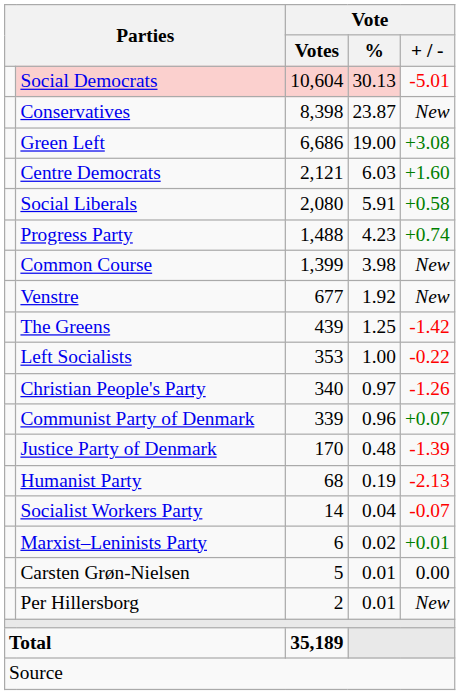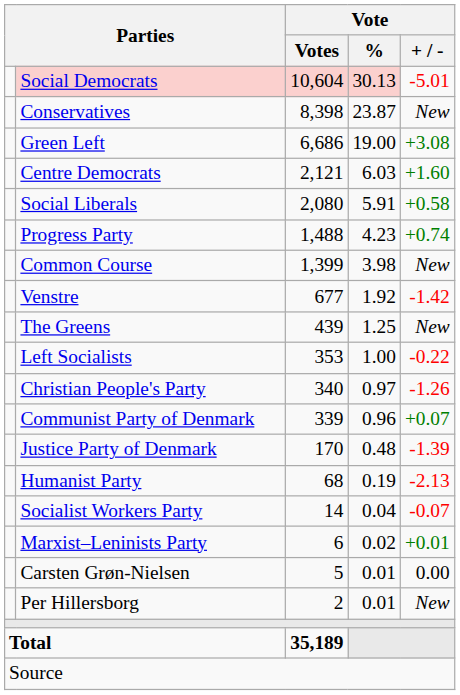 <table class="wikitable" style="text-align:right;">
 <tr>
 <th style="text-align:centre;" rowspan="2" colspan="2" width="225">Parties</th>
 <th colspan="3">Vote</th>
 </tr>
 <tr>
 <th width="15">Votes</th>
 <th width="15">%</th>
 <th width="15">+ / -</th>
 </tr>
 <tr>
 <td width="2" style="color:inherit;background:"></td>
 <td bgcolor=#fbd0ce  align="left"><a href='#'>Social Democrats</a></td>
 <td bgcolor=#fbd0ce>10,604</td>
 <td bgcolor=#fbd0ce>30.13</td>
 <td style=color:red;>-5.01</td>
 </tr>
 <tr>
 <td width="2" style="color:inherit;background:"></td>
 <td align="left"><a href='#'>Conservatives</a></td>
 <td>8,398</td>
 <td>23.87</td>
 <td><em>New</em></td>
 </tr>
 <tr>
 <td width="2" style="color:inherit;background:"></td>
 <td align="left"><a href='#'>Green Left</a></td>
 <td>6,686</td>
 <td>19.00</td>
 <td style=color:green;>+3.08</td>
 </tr>
 <tr>
 <td width="2" style="color:inherit;background:"></td>
 <td align="left"><a href='#'>Centre Democrats</a></td>
 <td>2,121</td>
 <td>6.03</td>
 <td style=color:green;>+1.60</td>
 </tr>
 <tr>
 <td width="2" style="color:inherit;background:"></td>
 <td align="left"><a href='#'>Social Liberals</a></td>
 <td>2,080</td>
 <td>5.91</td>
 <td style=color:green;>+0.58</td>
 </tr>
 <tr>
 <td width="2" style="color:inherit;background:"></td>
 <td align="left"><a href='#'>Progress Party</a></td>
 <td>1,488</td>
 <td>4.23</td>
 <td style=color:green;>+0.74</td>
 </tr>
 <tr>
 <td width="2" style="color:inherit;background:"></td>
 <td align="left"><a href='#'>Common Course</a></td>
 <td>1,399</td>
 <td>3.98</td>
 <td><em>New</em></td>
 </tr>
 <tr>
 <td width="2" style="color:inherit;background:"></td>
 <td align="left"><a href='#'>Venstre</a></td>
 <td>677</td>
 <td>1.92</td>
-<td><em>New</em></td>
+<td style=color:red;>-1.42</td>
 </tr>
 <tr>
 <td width="2" style="color:inherit;background:"></td>
 <td align="left"><a href='#'>The Greens</a></td>
 <td>439</td>
 <td>1.25</td>
-<td style=color:red;>-1.42</td>
+<td><em>New</em></td>
 </tr>
 <tr>
 <td width="2" style="color:inherit;background:"></td>
 <td align="left"><a href='#'>Left Socialists</a></td>
 <td>353</td>
 <td>1.00</td>
 <td style=color:red;>-0.22</td>
 </tr>
 <tr>
 <td width="2" style="color:inherit;background:"></td>
 <td align="left"><a href='#'>Christian People's Party</a></td>
 <td>340</td>
 <td>0.97</td>
 <td style=color:red;>-1.26</td>
 </tr>
 <tr>
 <td width="2" style="color:inherit;background:"></td>
 <td align="left"><a href='#'>Communist Party of Denmark</a></td>
 <td>339</td>
 <td>0.96</td>
 <td style=color:green;>+0.07</td>
 </tr>
 <tr>
 <td width="2" style="color:inherit;background:"></td>
 <td align="left"><a href='#'>Justice Party of Denmark</a></td>
 <td>170</td>
 <td>0.48</td>
 <td style=color:red;>-1.39</td>
 </tr>
 <tr>
 <td width="2" style="color:inherit;background:"></td>
 <td align="left"><a href='#'>Humanist Party</a></td>
 <td>68</td>
 <td>0.19</td>
 <td style=color:red;>-2.13</td>
 </tr>
 <tr>
 <td width="2" style="color:inherit;background:"></td>
 <td align="left"><a href='#'>Socialist Workers Party</a></td>
 <td>14</td>
 <td>0.04</td>
 <td style=color:red;>-0.07</td>
 </tr>
 <tr>
 <td width="2" style="color:inherit;background:"></td>
 <td align="left"><a href='#'>Marxist–Leninists Party</a></td>
 <td>6</td>
 <td>0.02</td>
 <td style=color:green;>+0.01</td>
 </tr>
 <tr>
 <td width="2" style="color:inherit;background:"></td>
 <td align="left">Carsten Grøn-Nielsen</td>
 <td>5</td>
 <td>0.01</td>
 <td>0.00</td>
 </tr>
 <tr>
 <td width="2" style="color:inherit;background:"></td>
 <td align="left">Per Hillersborg</td>
 <td>2</td>
 <td>0.01</td>
 <td><em>New</em></td>
 </tr>
 <tr>
 <td colspan="7" bgcolor="#E9E9E9"></td>
 </tr>
 <tr>
 <td align="left" colspan="2"><strong>Total</strong></td>
 <td><strong>35,189</strong></td>
 <td bgcolor="#E9E9E9" colspan="2"></td>
 </tr>
 <tr>
 <td align="left" colspan="6">Source</td>
 </tr>
 </table>
